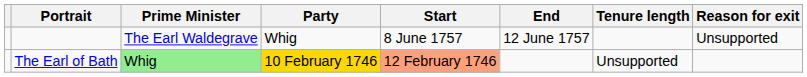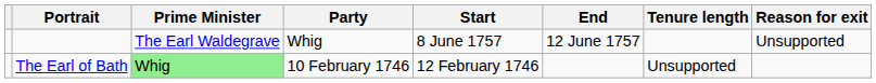 <table class="wikitable" style="font-size: 95%;">
 <tr>
 <th></th>
 <th>Portrait</th>
 <th>Prime Minister</th>
 <th>Party</th>
 <th>Start</th>
 <th>End</th>
 <th>Tenure length</th>
 <th>Reason for exit</th>
 </tr>
 <tr>
 <td style="background:"></td>
 <td></td>
 <td><a href='#'>The Earl Waldegrave</a></td>
 <td>Whig</td>
 <td>8 June 1757</td>
 <td>12 June 1757</td>
 <td></td>
 <td>Unsupported</td>
 </tr>
 <tr>
 <td></td>
 <td><a href='#'>The Earl of Bath</a></td>
 <td style="background: lightgreen;">Whig</td>
-<td style="background: gold;">10 February 1746</td>
-<td style="background: lightsalmon;">12 February 1746</td>
+<td>10 February 1746</td>
+<td>12 February 1746</td>
 <td></td>
 <td>Unsupported</td>
 </tr>
 </table>
